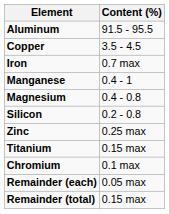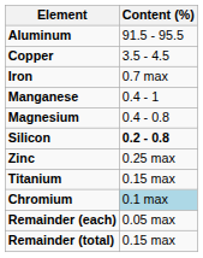 <table class="wikitable">
 <tr>
 <th>Element </th>
 <th>Content (%)</th>
 </tr>
 <tr>
 <td><strong>Aluminum</strong></td>
 <td>91.5 - 95.5</td>
 </tr>
 <tr>
 <td><strong>Copper</strong></td>
 <td>3.5 - 4.5</td>
 </tr>
 <tr>
 <td><strong>Iron</strong></td>
 <td>0.7 max</td>
 </tr>
 <tr>
 <td><strong>Manganese</strong></td>
 <td>0.4 - 1</td>
 </tr>
 <tr>
 <td><strong>Magnesium</strong></td>
 <td>0.4 - 0.8</td>
 </tr>
 <tr>
 <td><strong>Silicon</strong></td>
-<td>0.2 - 0.8</td>
+<td><strong>0.2 - 0.8</strong></td>
 </tr>
 <tr>
 <td><strong>Zinc</strong></td>
 <td>0.25 max</td>
 </tr>
 <tr>
 <td><strong>Titanium</strong></td>
 <td>0.15 max</td>
 </tr>
 <tr>
 <td><strong>Chromium</strong></td>
-<td>0.1 max</td>
+<td style="background: lightblue;">0.1 max</td>
 </tr>
 <tr>
 <td><strong>Remainder (each)</strong></td>
 <td>0.05 max</td>
 </tr>
 <tr>
 <td><strong>Remainder (total)</strong></td>
 <td>0.15 max</td>
 </tr>
 </table>
